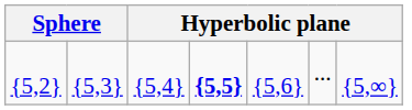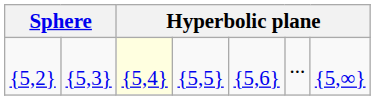 <table class=wikitable>
 <tr>
 <th colspan=2><a href='#'>Sphere</a></th>
 <th colspan=5>Hyperbolic plane</th>
 </tr>
 <tr>
 <td><br><a href='#'>{5,2}</a></td>
 <td><br><a href='#'>{5,3}</a></td>
-<td><br><a href='#'>{5,4}</a></td>
-<td><strong><br><a href='#'>{5,5}</a></strong></td>
+<td style="background: lightyellow;"><br><a href='#'>{5,4}</a></td>
+<td><br><a href='#'>{5,5}</a></td>
 <td><br><a href='#'>{5,6}</a></td>
 <td>...</td>
 <td><br><a href='#'>{5,∞}</a></td>
 </tr>
 </table>
